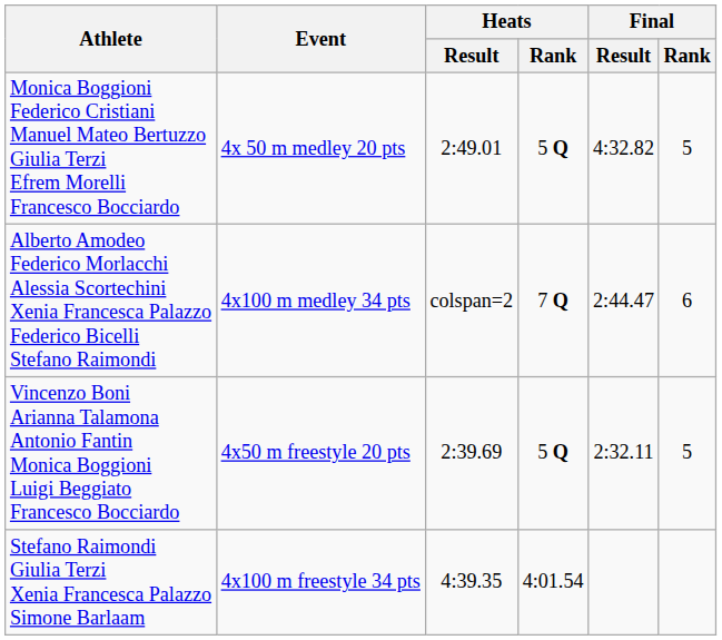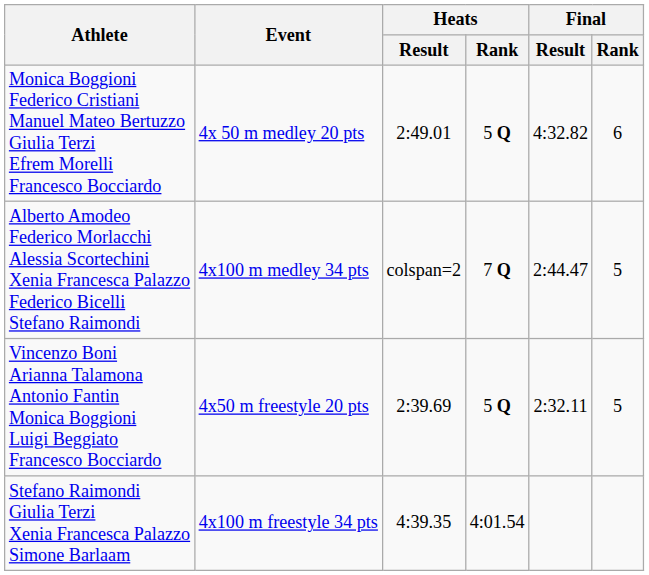 <table class=wikitable style="font-size:90%">
 <tr>
 <th rowspan="2">Athlete</th>
 <th rowspan="2">Event</th>
 <th colspan="2">Heats</th>
 <th colspan="2">Final</th>
 </tr>
 <tr>
 <th>Result</th>
 <th>Rank</th>
 <th>Result</th>
 <th>Rank</th>
 </tr>
 <tr align=center>
 <td align=left><a href='#'>Monica Boggioni</a><br><a href='#'>Federico Cristiani</a><br><a href='#'>Manuel Mateo Bertuzzo</a><br><a href='#'>Giulia Terzi</a><br><a href='#'>Efrem Morelli</a><br><a href='#'>Francesco Bocciardo</a></td>
 <td align=left><a href='#'>4x 50 m medley 20 pts</a></td>
 <td>2:49.01</td>
 <td>5 <strong>Q</strong></td>
 <td>4:32.82</td>
-<td>5</td>
+<td>6</td>
 </tr>
 <tr align=center>
 <td align=left><a href='#'>Alberto Amodeo</a><br><a href='#'>Federico Morlacchi</a><br><a href='#'>Alessia Scortechini</a><br><a href='#'>Xenia Francesca Palazzo</a><br><a href='#'>Federico Bicelli</a><br><a href='#'>Stefano Raimondi</a></td>
 <td align=left><a href='#'>4x100 m medley 34 pts</a></td>
 <td>colspan=2 </td>
 <td>7 <strong>Q</strong></td>
 <td>2:44.47</td>
-<td>6</td>
+<td>5</td>
 </tr>
 <tr align="center">
 <td align="left"><a href='#'>Vincenzo Boni</a><br><a href='#'>Arianna Talamona</a><br><a href='#'>Antonio Fantin</a><br><a href='#'>Monica Boggioni</a><br><a href='#'>Luigi Beggiato</a><br><a href='#'>Francesco Bocciardo</a></td>
 <td align="left"><a href='#'>4x50 m freestyle 20 pts</a></td>
 <td>2:39.69</td>
 <td>5 <strong>Q</strong></td>
 <td>2:32.11</td>
 <td>5</td>
 </tr>
 <tr align="center">
 <td align="left"><a href='#'>Stefano Raimondi</a><br><a href='#'>Giulia Terzi</a><br><a href='#'>Xenia Francesca Palazzo</a><br><a href='#'>Simone Barlaam</a></td>
 <td align="left"><a href='#'>4x100 m freestyle 34 pts</a></td>
 <td>4:39.35</td>
 <td>4:01.54</td>
 <td></td>
 </tr>
 </table>
